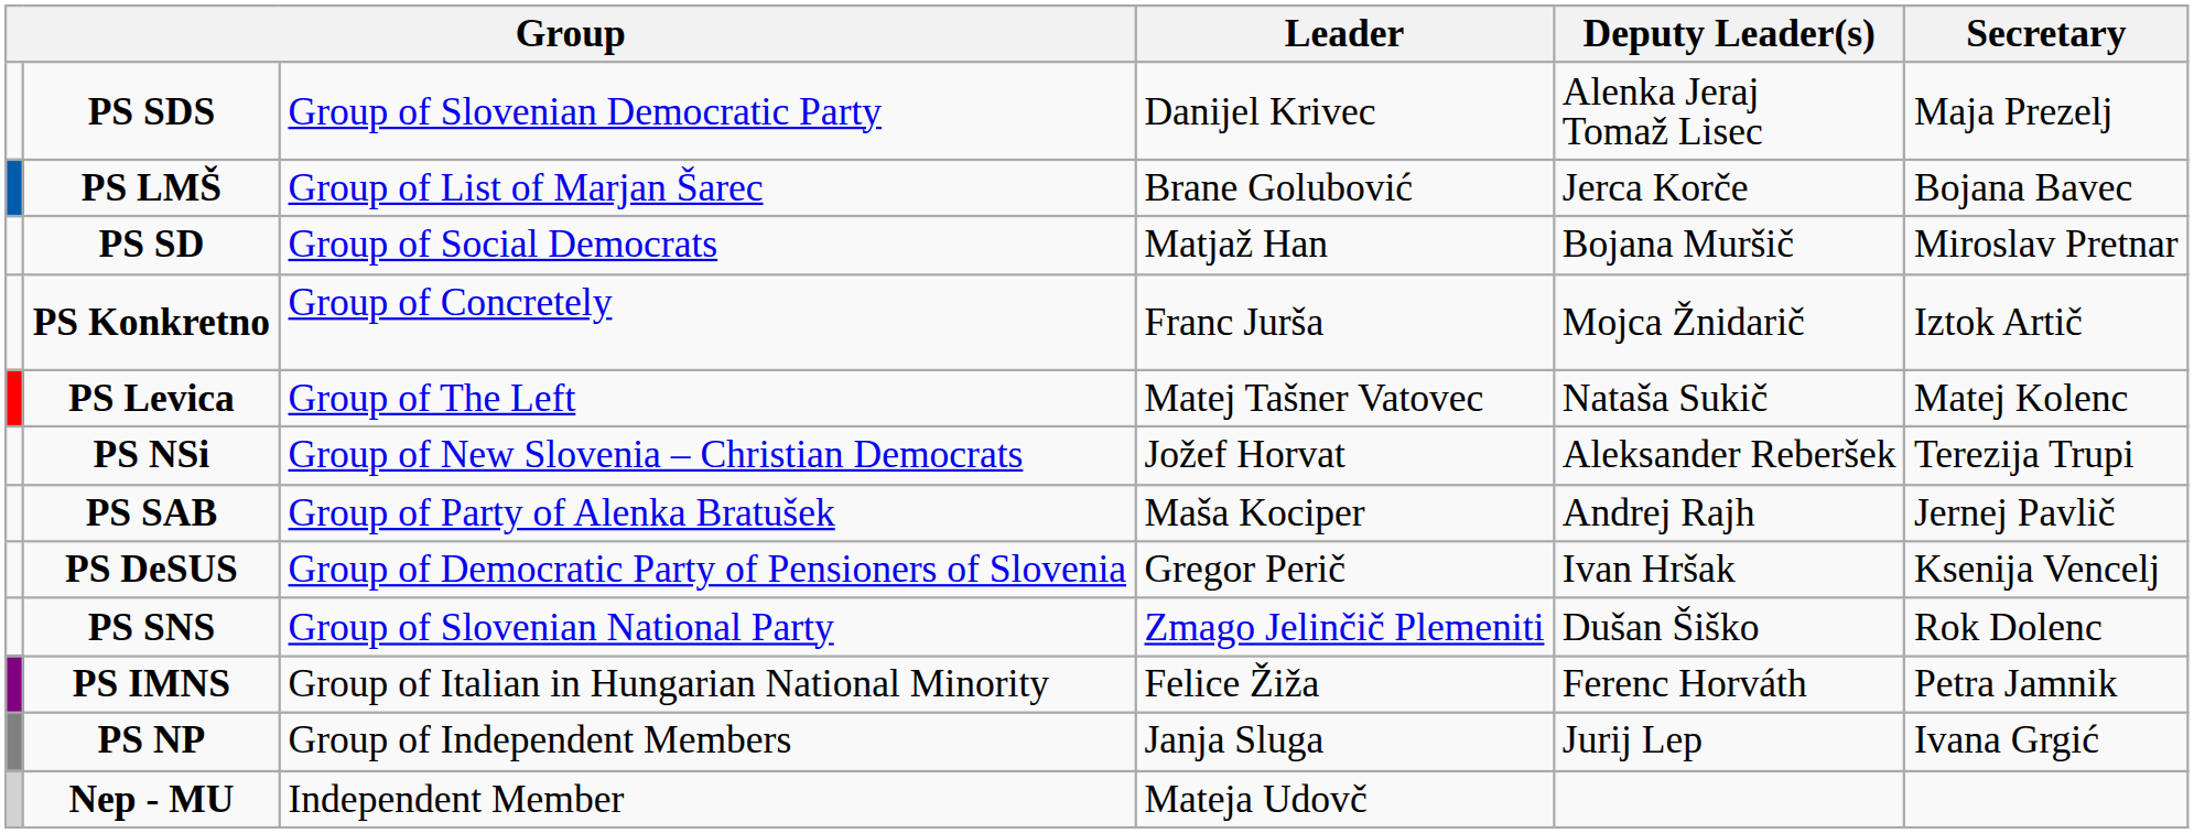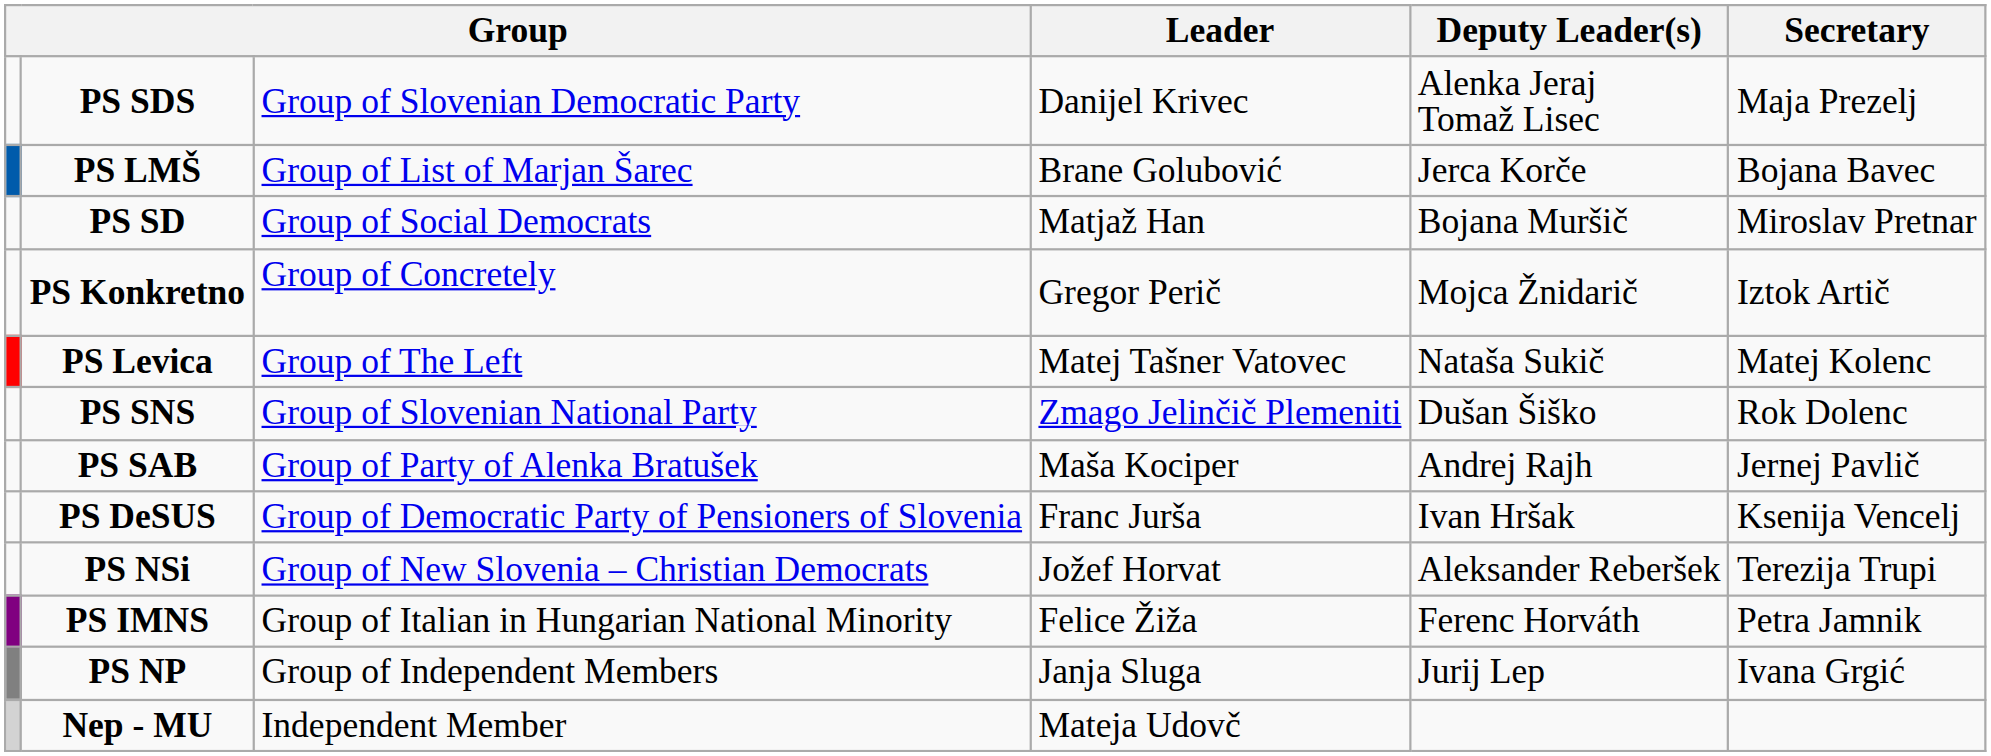 <table class="wikitable" style="line-height:16px;">
 <tr>
 <th colspan="3">Group</th>
 <th>Leader</th>
 <th>Deputy Leader(s)</th>
 <th>Secretary</th>
 </tr>
 <tr>
 <td style="background:"></td>
 <td style="text-align:center;"><strong>PS SDS</strong></td>
 <td><a href='#'>Group of Slovenian Democratic Party</a><br></td>
 <td>Danijel Krivec</td>
 <td>Alenka Jeraj<br>Tomaž Lisec</td>
 <td>Maja Prezelj</td>
 </tr>
 <tr>
 <td style="background:#005bab"></td>
 <td style="text-align:center;"><strong>PS LMŠ</strong></td>
 <td><a href='#'>Group of List of Marjan Šarec</a><br></td>
 <td>Brane Golubović</td>
 <td>Jerca Korče</td>
 <td>Bojana Bavec</td>
 </tr>
 <tr>
 <td style="background:"></td>
 <td style="text-align:center;"><strong>PS SD</strong></td>
 <td><a href='#'>Group of Social Democrats</a><br></td>
 <td>Matjaž Han</td>
 <td>Bojana Muršič</td>
 <td>Miroslav Pretnar</td>
 </tr>
 <tr>
 <td style="background:"></td>
 <td style="text-align:center;"><strong>PS Konkretno</strong></td>
 <td><a href='#'>Group of Concretely</a><br><br></td>
-<td>Franc Jurša</td>
+<td>Gregor Perič </td>
 <td>Mojca Žnidarič </td>
 <td>Iztok Artič</td>
 </tr>
 <tr>
 <td style="background:red"></td>
 <td style="text-align:center;"><strong>PS Levica</strong></td>
 <td><a href='#'>Group of The Left</a><br></td>
 <td>Matej Tašner Vatovec</td>
 <td>Nataša Sukič</td>
 <td>Matej Kolenc</td>
 </tr>
 <tr>
 <td style="background:"></td>
-<td style="text-align:center;"><strong>PS NSi</strong></td>
-<td><a href='#'>Group of New Slovenia – Christian Democrats</a><br></td>
-<td>Jožef Horvat</td>
-<td>Aleksander Reberšek</td>
-<td>Terezija Trupi</td>
+<td style="text-align:center;"><strong>PS SNS</strong></td>
+<td><a href='#'>Group of Slovenian National Party</a><br></td>
+<td><a href='#'>Zmago Jelinčič Plemeniti</a></td>
+<td>Dušan Šiško</td>
+<td>Rok Dolenc</td>
 </tr>
 <tr>
 <td style="background:"></td>
 <td style="text-align:center;"><strong>PS SAB</strong></td>
 <td><a href='#'>Group of Party of Alenka Bratušek</a><br></td>
 <td>Maša Kociper</td>
 <td>Andrej Rajh</td>
 <td>Jernej Pavlič</td>
 </tr>
 <tr>
 <td style="background:"></td>
 <td style="text-align:center;"><strong>PS DeSUS</strong></td>
 <td><a href='#'>Group of Democratic Party of Pensioners of Slovenia</a><br></td>
-<td>Gregor Perič </td>
+<td>Franc Jurša</td>
 <td>Ivan Hršak</td>
 <td>Ksenija Vencelj</td>
 </tr>
 <tr>
 <td style="background:"></td>
-<td style="text-align:center;"><strong>PS SNS</strong></td>
-<td><a href='#'>Group of Slovenian National Party</a><br></td>
-<td><a href='#'>Zmago Jelinčič Plemeniti</a></td>
-<td>Dušan Šiško</td>
-<td>Rok Dolenc</td>
+<td style="text-align:center;"><strong>PS NSi</strong></td>
+<td><a href='#'>Group of New Slovenia – Christian Democrats</a><br></td>
+<td>Jožef Horvat</td>
+<td>Aleksander Reberšek</td>
+<td>Terezija Trupi</td>
 </tr>
 <tr>
 <td style="background:purple"></td>
 <td style="text-align:center;"><strong>PS IMNS</strong></td>
 <td>Group of Italian in Hungarian National Minority<br></td>
 <td>Felice Žiža</td>
 <td>Ferenc Horváth</td>
 <td>Petra Jamnik</td>
 </tr>
 <tr>
 <td style="background:gray;"></td>
 <td style="text-align:center;"><strong>PS NP</strong></td>
 <td>Group of Independent Members<br></td>
 <td>Janja Sluga</td>
 <td>Jurij Lep</td>
 <td>Ivana Grgić</td>
 </tr>
 <tr>
 <td style="background:Lightgrey;"></td>
 <td style="text-align:center;"><strong>Nep - MU</strong></td>
 <td>Independent Member<br></td>
 <td>Mateja Udovč</td>
 <td></td>
 <td></td>
 </tr>
 </table>
